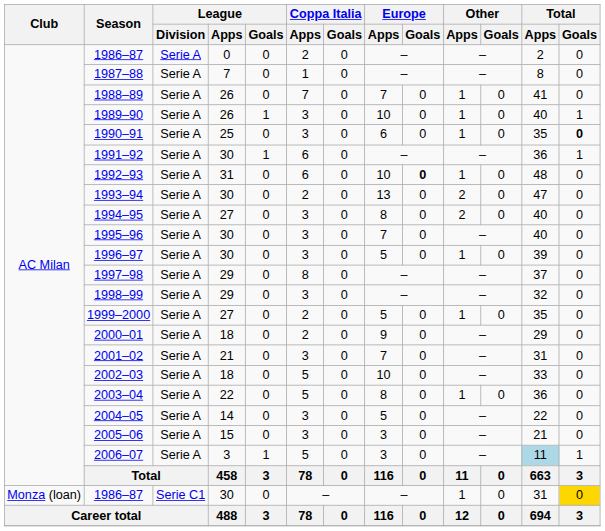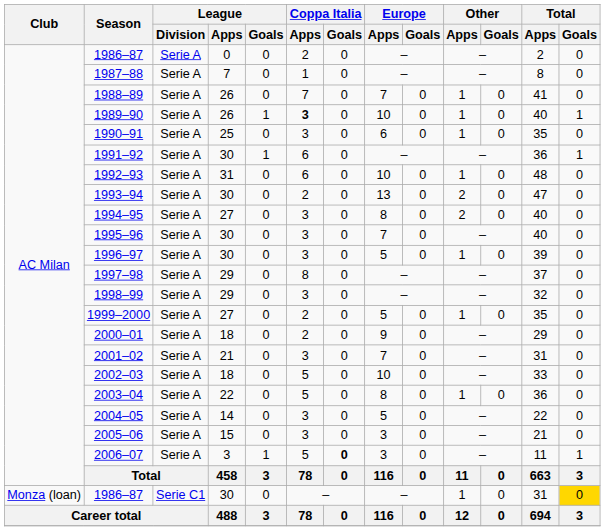 <table class="wikitable" style="text-align:center">
 <tr>
 <th rowspan=2>Club</th>
 <th rowspan=2>Season</th>
 <th colspan=3>League</th>
 <th colspan=2><a href='#'>Coppa Italia</a></th>
 <th colspan=2><a href='#'>Europe</a></th>
 <th colspan=2>Other</th>
 <th colspan=2>Total</th>
 </tr>
 <tr>
 <th>Division</th>
 <th>Apps</th>
 <th>Goals</th>
 <th>Apps</th>
 <th>Goals</th>
 <th>Apps</th>
 <th>Goals</th>
 <th>Apps</th>
 <th>Goals</th>
 <th>Apps</th>
 <th>Goals</th>
 </tr>
 <tr>
 <td rowspan="22"><a href='#'>AC Milan</a></td>
 <td><a href='#'>1986–87</a></td>
 <td><a href='#'>Serie A</a></td>
 <td>0</td>
 <td>0</td>
 <td>2</td>
 <td>0</td>
 <td colspan="2">–</td>
 <td colspan="2">–</td>
 <td>2</td>
 <td>0</td>
 </tr>
 <tr>
 <td><a href='#'>1987–88</a></td>
 <td>Serie A</td>
 <td>7</td>
 <td>0</td>
 <td>1</td>
 <td>0</td>
 <td colspan="2">–</td>
 <td colspan="2">–</td>
 <td>8</td>
 <td>0</td>
 </tr>
 <tr>
 <td><a href='#'>1988–89</a></td>
 <td>Serie A</td>
 <td>26</td>
 <td>0</td>
 <td>7</td>
 <td>0</td>
 <td>7</td>
 <td>0</td>
 <td>1</td>
 <td>0</td>
 <td>41</td>
 <td>0</td>
 </tr>
 <tr>
 <td><a href='#'>1989–90</a></td>
 <td>Serie A</td>
 <td>26</td>
 <td>1</td>
-<td>3</td>
+<td><strong>3</strong></td>
 <td>0</td>
 <td>10</td>
 <td>0</td>
 <td>1</td>
 <td>0</td>
 <td>40</td>
 <td>1</td>
 </tr>
 <tr>
 <td><a href='#'>1990–91</a></td>
 <td>Serie A</td>
 <td>25</td>
 <td>0</td>
 <td>3</td>
 <td>0</td>
 <td>6</td>
 <td>0</td>
 <td>1</td>
 <td>0</td>
 <td>35</td>
-<td><strong>0</strong></td>
+<td>0</td>
 </tr>
 <tr>
 <td><a href='#'>1991–92</a></td>
 <td>Serie A</td>
 <td>30</td>
 <td>1</td>
 <td>6</td>
 <td>0</td>
 <td colspan="2">–</td>
 <td colspan="2">–</td>
 <td>36</td>
 <td>1</td>
 </tr>
 <tr>
 <td><a href='#'>1992–93</a></td>
 <td>Serie A</td>
 <td>31</td>
 <td>0</td>
 <td>6</td>
 <td>0</td>
 <td>10</td>
-<td><strong>0</strong></td>
+<td>0</td>
 <td>1</td>
 <td>0</td>
 <td>48</td>
 <td>0</td>
 </tr>
 <tr>
 <td><a href='#'>1993–94</a></td>
 <td>Serie A</td>
 <td>30</td>
 <td>0</td>
 <td>2</td>
 <td>0</td>
 <td>13</td>
 <td>0</td>
 <td>2</td>
 <td>0</td>
 <td>47</td>
 <td>0</td>
 </tr>
 <tr>
 <td><a href='#'>1994–95</a></td>
 <td>Serie A</td>
 <td>27</td>
 <td>0</td>
 <td>3</td>
 <td>0</td>
 <td>8</td>
 <td>0</td>
 <td>2</td>
 <td>0</td>
 <td>40</td>
 <td>0</td>
 </tr>
 <tr>
 <td><a href='#'>1995–96</a></td>
 <td>Serie A</td>
 <td>30</td>
 <td>0</td>
 <td>3</td>
 <td>0</td>
 <td>7</td>
 <td>0</td>
 <td colspan="2">–</td>
 <td>40</td>
 <td>0</td>
 </tr>
 <tr>
 <td><a href='#'>1996–97</a></td>
 <td>Serie A</td>
 <td>30</td>
 <td>0</td>
 <td>3</td>
 <td>0</td>
 <td>5</td>
 <td>0</td>
 <td>1</td>
 <td>0</td>
 <td>39</td>
 <td>0</td>
 </tr>
 <tr>
 <td><a href='#'>1997–98</a></td>
 <td>Serie A</td>
 <td>29</td>
 <td>0</td>
 <td>8</td>
 <td>0</td>
 <td colspan="2">–</td>
 <td colspan="2">–</td>
 <td>37</td>
 <td>0</td>
 </tr>
 <tr>
 <td><a href='#'>1998–99</a></td>
 <td>Serie A</td>
 <td>29</td>
 <td>0</td>
 <td>3</td>
 <td>0</td>
 <td colspan="2">–</td>
 <td colspan="2">–</td>
 <td>32</td>
 <td>0</td>
 </tr>
 <tr>
 <td><a href='#'>1999–2000</a></td>
 <td>Serie A</td>
 <td>27</td>
 <td>0</td>
 <td>2</td>
 <td>0</td>
 <td>5</td>
 <td>0</td>
 <td>1</td>
 <td>0</td>
 <td>35</td>
 <td>0</td>
 </tr>
 <tr>
 <td><a href='#'>2000–01</a></td>
 <td>Serie A</td>
 <td>18</td>
 <td>0</td>
 <td>2</td>
 <td>0</td>
 <td>9</td>
 <td>0</td>
 <td colspan="2">–</td>
 <td>29</td>
 <td>0</td>
 </tr>
 <tr>
 <td><a href='#'>2001–02</a></td>
 <td>Serie A</td>
 <td>21</td>
 <td>0</td>
 <td>3</td>
 <td>0</td>
 <td>7</td>
 <td>0</td>
 <td colspan="2">–</td>
 <td>31</td>
 <td>0</td>
 </tr>
 <tr>
 <td><a href='#'>2002–03</a></td>
 <td>Serie A</td>
 <td>18</td>
 <td>0</td>
 <td>5</td>
 <td>0</td>
 <td>10</td>
 <td>0</td>
 <td colspan="2">–</td>
 <td>33</td>
 <td>0</td>
 </tr>
 <tr>
 <td><a href='#'>2003–04</a></td>
 <td>Serie A</td>
 <td>22</td>
 <td>0</td>
 <td>5</td>
 <td>0</td>
 <td>8</td>
 <td>0</td>
 <td>1</td>
 <td>0</td>
 <td>36</td>
 <td>0</td>
 </tr>
 <tr>
 <td><a href='#'>2004–05</a></td>
 <td>Serie A</td>
 <td>14</td>
 <td>0</td>
 <td>3</td>
 <td>0</td>
 <td>5</td>
 <td>0</td>
 <td colspan="2">–</td>
 <td>22</td>
 <td>0</td>
 </tr>
 <tr>
 <td><a href='#'>2005–06</a></td>
 <td>Serie A</td>
 <td>15</td>
 <td>0</td>
 <td>3</td>
 <td>0</td>
 <td>3</td>
 <td>0</td>
 <td colspan="2">–</td>
 <td>21</td>
 <td>0</td>
 </tr>
 <tr>
 <td><a href='#'>2006–07</a></td>
 <td>Serie A</td>
 <td>3</td>
 <td>1</td>
 <td>5</td>
-<td>0</td>
+<td><strong>0</strong></td>
 <td>3</td>
 <td>0</td>
 <td colspan="2">–</td>
-<td style="background: lightblue;">11</td>
+<td>11</td>
 <td>1</td>
 </tr>
 <tr>
 <th colspan=2>Total</th>
 <th>458</th>
 <th>3</th>
 <th>78</th>
 <th>0</th>
 <th>116</th>
 <th>0</th>
 <th>11</th>
 <th>0</th>
 <th>663</th>
 <th>3</th>
 </tr>
 <tr>
 <td><a href='#'>Monza</a> (loan)</td>
 <td><a href='#'>1986–87</a></td>
 <td><a href='#'>Serie C1</a></td>
 <td>30</td>
 <td>0</td>
 <td colspan="2">–</td>
 <td colspan="2">–</td>
 <td>1</td>
 <td>0</td>
 <td>31</td>
 <td style="background: gold;">0</td>
 </tr>
 <tr>
 <th colspan=3>Career total</th>
 <th>488</th>
 <th>3</th>
 <th>78</th>
 <th>0</th>
 <th>116</th>
 <th>0</th>
 <th>12</th>
 <th>0</th>
 <th>694</th>
 <th>3</th>
 </tr>
 <tr>
 </tr>
 </table>
